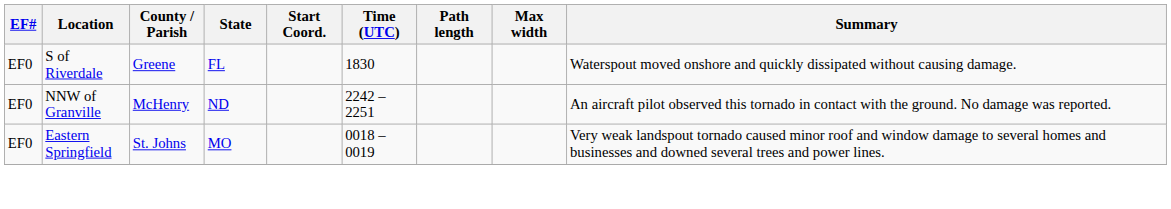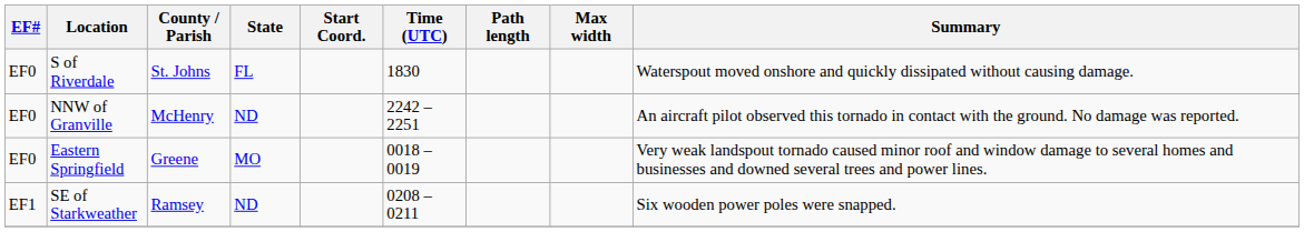 <table class="wikitable sortable" style="width:100%;">
 <tr>
 <th scope="col" width="3%" align="center"><a href='#'>EF#</a></th>
 <th scope="col" width="7%" align="center" class="unsortable">Location</th>
 <th scope="col" width="6%" align="center" class="unsortable">County / Parish</th>
 <th scope="col" width="5%" align="center">State</th>
 <th scope="col" width="6%" align="center">Start Coord.</th>
 <th scope="col" width="6%" align="center">Time (<a href='#'>UTC</a>)</th>
 <th scope="col" width="6%" align="center">Path length</th>
 <th scope="col" width="6%" align="center">Max width</th>
 <th scope="col" width="48%" class="unsortable" align="center">Summary</th>
 </tr>
 <tr>
 <td>EF0</td>
 <td>S of <a href='#'>Riverdale</a></td>
-<td><a href='#'>Greene</a></td>
+<td><a href='#'>St. Johns</a></td>
 <td><a href='#'>FL</a></td>
 <td></td>
 <td>1830</td>
 <td></td>
 <td></td>
 <td>Waterspout moved onshore and quickly dissipated without causing damage.</td>
 </tr>
 <tr>
 <td>EF0</td>
 <td>NNW of <a href='#'>Granville</a></td>
 <td><a href='#'>McHenry</a></td>
 <td><a href='#'>ND</a></td>
 <td></td>
 <td>2242 – 2251</td>
 <td></td>
 <td></td>
 <td>An aircraft pilot observed this tornado in contact with the ground. No damage was reported.</td>
 </tr>
 <tr>
 <td>EF0</td>
 <td><a href='#'>Eastern Springfield</a></td>
-<td><a href='#'>St. Johns</a></td>
+<td><a href='#'>Greene</a></td>
 <td><a href='#'>MO</a></td>
 <td></td>
 <td>0018 – 0019</td>
 <td></td>
 <td></td>
 <td>Very weak landspout tornado caused minor roof and window damage to several homes and businesses and downed several trees and power lines.</td>
 </tr>
 <tr>
+<td>EF1</td>
+<td>SE of <a href='#'>Starkweather</a></td>
+<td><a href='#'>Ramsey</a></td>
+<td><a href='#'>ND</a></td>
+<td></td>
+<td>0208 – 0211</td>
+<td></td>
+<td></td>
+<td>Six wooden power poles were snapped.</td>
+</tr>
+<tr>
 </tr>
 </table>
